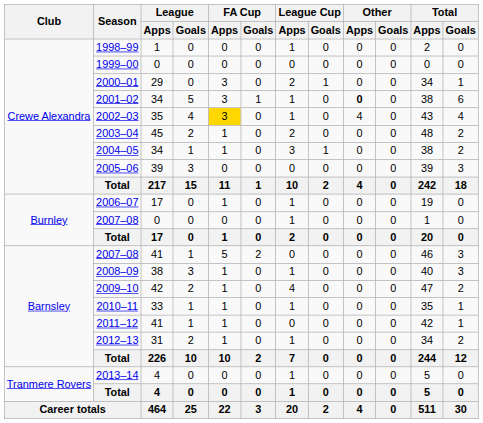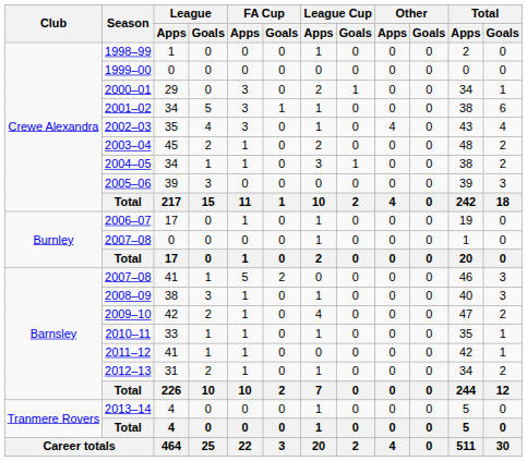 <table class="wikitable" style="text-align: center;">
 <tr>
 <th rowspan="2">Club</th>
 <th rowspan="2">Season</th>
 <th colspan="2">League</th>
 <th colspan="2">FA Cup</th>
 <th colspan="2">League Cup</th>
 <th colspan="2">Other</th>
 <th colspan="2">Total</th>
 </tr>
 <tr>
 <th>Apps</th>
 <th>Goals</th>
 <th>Apps</th>
 <th>Goals</th>
 <th>Apps</th>
 <th>Goals</th>
 <th>Apps</th>
 <th>Goals</th>
 <th>Apps</th>
 <th>Goals</th>
 </tr>
 <tr>
 <td rowspan="9" valign="center"><a href='#'>Crewe Alexandra</a></td>
 <td><a href='#'>1998–99</a></td>
 <td>1</td>
 <td>0</td>
 <td>0</td>
 <td>0</td>
 <td>1</td>
 <td>0</td>
 <td>0</td>
 <td>0</td>
 <td>2</td>
 <td>0</td>
 </tr>
 <tr>
 <td><a href='#'>1999–00</a></td>
 <td>0</td>
 <td>0</td>
 <td>0</td>
 <td>0</td>
 <td>0</td>
 <td>0</td>
 <td>0</td>
 <td>0</td>
 <td>0</td>
 <td>0</td>
 </tr>
 <tr>
 <td><a href='#'>2000–01</a></td>
 <td>29</td>
 <td>0</td>
 <td>3</td>
 <td>0</td>
 <td>2</td>
 <td>1</td>
 <td>0</td>
 <td>0</td>
 <td>34</td>
 <td>1</td>
 </tr>
 <tr>
 <td><a href='#'>2001–02</a></td>
 <td>34</td>
 <td>5</td>
 <td>3</td>
 <td>1</td>
 <td>1</td>
 <td>0</td>
-<td><strong>0</strong></td>
+<td>0</td>
 <td>0</td>
 <td>38</td>
 <td>6</td>
 </tr>
 <tr>
 <td><a href='#'>2002–03</a></td>
 <td>35</td>
 <td>4</td>
-<td style="background: gold;">3</td>
+<td>3</td>
 <td>0</td>
 <td>1</td>
 <td>0</td>
 <td>4</td>
 <td>0</td>
 <td>43</td>
 <td>4</td>
 </tr>
 <tr>
 <td><a href='#'>2003–04</a></td>
 <td>45</td>
 <td>2</td>
 <td>1</td>
 <td>0</td>
 <td>2</td>
 <td>0</td>
 <td>0</td>
 <td>0</td>
 <td>48</td>
 <td>2</td>
 </tr>
 <tr>
 <td><a href='#'>2004–05</a></td>
 <td>34</td>
 <td>1</td>
 <td>1</td>
 <td>0</td>
 <td>3</td>
 <td>1</td>
 <td>0</td>
 <td>0</td>
 <td>38</td>
 <td>2</td>
 </tr>
 <tr>
 <td><a href='#'>2005–06</a></td>
 <td>39</td>
 <td>3</td>
 <td>0</td>
 <td>0</td>
 <td>0</td>
 <td>0</td>
 <td>0</td>
 <td>0</td>
 <td>39</td>
 <td>3</td>
 </tr>
 <tr>
 <th>Total</th>
 <th>217</th>
 <th>15</th>
 <th>11</th>
 <th>1</th>
 <th>10</th>
 <th>2</th>
 <th>4</th>
 <th>0</th>
 <th>242</th>
 <th>18</th>
 </tr>
 <tr>
 <td rowspan="3" valign="center"><a href='#'>Burnley</a></td>
 <td><a href='#'>2006–07</a></td>
 <td>17</td>
 <td>0</td>
 <td>1</td>
 <td>0</td>
 <td>1</td>
 <td>0</td>
 <td>0</td>
 <td>0</td>
 <td>19</td>
 <td>0</td>
 </tr>
 <tr>
 <td><a href='#'>2007–08</a></td>
 <td>0</td>
 <td>0</td>
 <td>0</td>
 <td>0</td>
 <td>1</td>
 <td>0</td>
 <td>0</td>
 <td>0</td>
 <td>1</td>
 <td>0</td>
 </tr>
 <tr>
 <th>Total</th>
 <th>17</th>
 <th>0</th>
 <th>1</th>
 <th>0</th>
 <th>2</th>
 <th>0</th>
 <th>0</th>
 <th>0</th>
 <th>20</th>
 <th>0</th>
 </tr>
 <tr>
 <td rowspan="7" valign="center"><a href='#'>Barnsley</a></td>
 <td><a href='#'>2007–08</a></td>
 <td>41</td>
 <td>1</td>
 <td>5</td>
 <td>2</td>
 <td>0</td>
 <td>0</td>
 <td>0</td>
 <td>0</td>
 <td>46</td>
 <td>3</td>
 </tr>
 <tr>
 <td><a href='#'>2008–09</a></td>
 <td>38</td>
 <td>3</td>
 <td>1</td>
 <td>0</td>
 <td>1</td>
 <td>0</td>
 <td>0</td>
 <td>0</td>
 <td>40</td>
 <td>3</td>
 </tr>
 <tr>
 <td><a href='#'>2009–10</a></td>
 <td>42</td>
 <td>2</td>
 <td>1</td>
 <td>0</td>
 <td>4</td>
 <td>0</td>
 <td>0</td>
 <td>0</td>
 <td>47</td>
 <td>2</td>
 </tr>
 <tr>
 <td><a href='#'>2010–11</a></td>
 <td>33</td>
 <td>1</td>
 <td>1</td>
 <td>0</td>
 <td>1</td>
 <td>0</td>
 <td>0</td>
 <td>0</td>
 <td>35</td>
 <td>1</td>
 </tr>
 <tr>
 <td><a href='#'>2011–12</a></td>
 <td>41</td>
 <td>1</td>
 <td>1</td>
 <td>0</td>
 <td>0</td>
 <td>0</td>
 <td>0</td>
 <td>0</td>
 <td>42</td>
 <td>1</td>
 </tr>
 <tr>
 <td><a href='#'>2012–13</a></td>
 <td>31</td>
 <td>2</td>
 <td>1</td>
 <td>0</td>
 <td>1</td>
 <td>0</td>
 <td>0</td>
 <td>0</td>
 <td>34</td>
 <td>2</td>
 </tr>
 <tr>
 <th>Total</th>
 <th>226</th>
 <th>10</th>
 <th>10</th>
 <th>2</th>
 <th>7</th>
 <th>0</th>
 <th>0</th>
 <th>0</th>
 <th>244</th>
 <th>12</th>
 </tr>
 <tr>
 <td rowspan="2" valign="center"><a href='#'>Tranmere Rovers</a></td>
 <td><a href='#'>2013–14</a></td>
 <td>4</td>
 <td>0</td>
 <td>0</td>
 <td>0</td>
 <td>1</td>
 <td>0</td>
 <td>0</td>
 <td>0</td>
 <td>5</td>
 <td>0</td>
 </tr>
 <tr>
 <th>Total</th>
 <th>4</th>
 <th>0</th>
 <th>0</th>
 <th>0</th>
 <th>1</th>
 <th>0</th>
 <th>0</th>
 <th>0</th>
 <th>5</th>
 <th>0</th>
 </tr>
 <tr>
 <th colspan="2">Career totals</th>
 <th>464</th>
 <th>25</th>
 <th>22</th>
 <th>3</th>
 <th>20</th>
 <th>2</th>
 <th>4</th>
 <th>0</th>
 <th>511</th>
 <th>30</th>
 </tr>
 </table>
